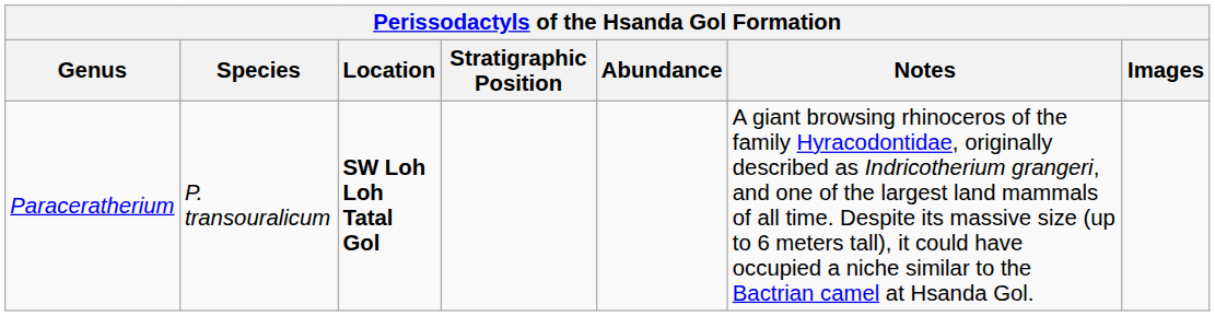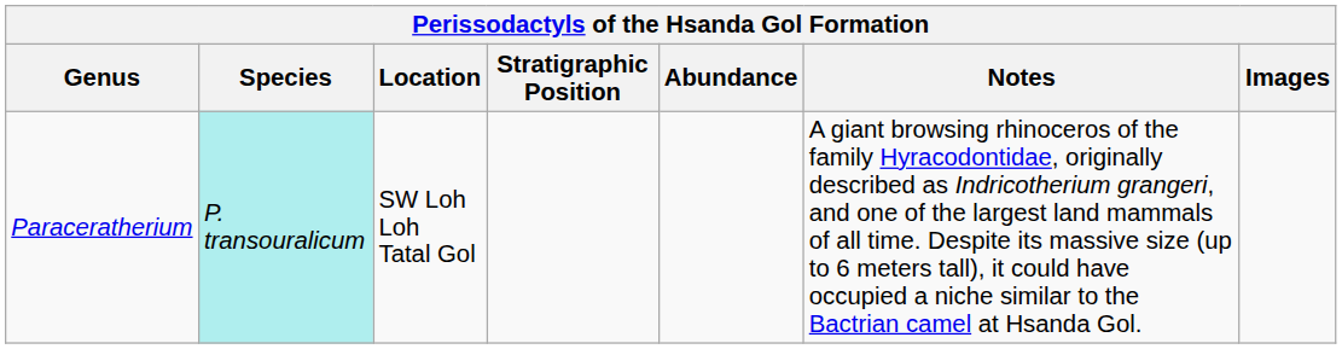 <table class="wikitable">
 <tr>
 <th colspan="7" align="center"><strong><a href='#'>Perissodactyls</a> of the Hsanda Gol Formation</strong></th>
 </tr>
 <tr>
 <th>Genus</th>
 <th>Species</th>
 <th>Location</th>
 <th>Stratigraphic Position</th>
 <th>Abundance</th>
 <th>Notes</th>
 <th>Images</th>
 </tr>
 <tr>
 <td><em><a href='#'>Paraceratherium</a></em></td>
-<td><em>P. transouralicum</em></td>
-<td><strong>SW Loh<br>Loh<br>Tatal Gol</strong></td>
+<td style="background: paleturquoise;"><em>P. transouralicum</em></td>
+<td>SW Loh<br>Loh<br>Tatal Gol</td>
 <td></td>
 <td></td>
 <td>A giant browsing rhinoceros of the family <a href='#'>Hyracodontidae</a>, originally described as <em>Indricotherium grangeri</em>, and one of the largest land mammals of all time. Despite its massive size (up to 6 meters tall), it could have occupied a niche similar to the <a href='#'>Bactrian camel</a> at Hsanda Gol.</td>
 <td></td>
 </tr>
 </table>
